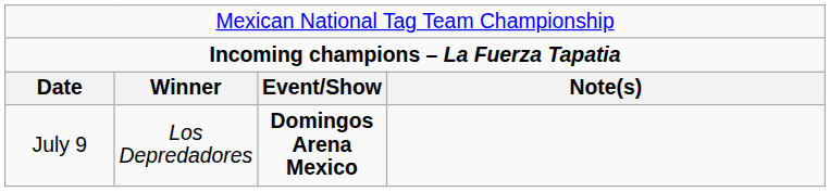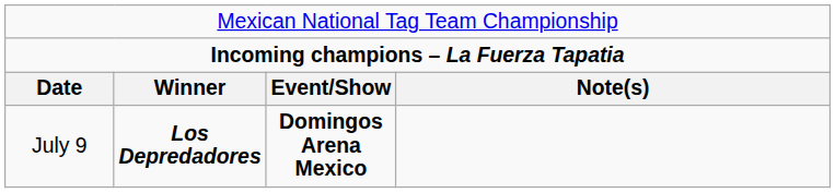 <table class="wikitable" style="text-align:center; width:100%;">
 <tr>
 <td colspan="5" style="text-align: center;"><a href='#'>Mexican National Tag Team Championship</a></td>
 </tr>
 <tr>
 <td colspan="5" style="text-align: center;"><strong>Incoming champions – <em>La Fuerza Tapatia</em> </strong></td>
 </tr>
 <tr>
 <th width=14%>Date</th>
 <th width=14%>Winner</th>
 <th width=14%>Event/Show</th>
 <th width=58%>Note(s)</th>
 </tr>
 <tr>
 <td>July 9</td>
-<td><em>Los Depredadores</em><br></td>
+<td><strong><em>Los Depredadores</em><br></strong></td>
 <td><strong>Domingos Arena Mexico</strong></td>
 <td></td>
 </tr>
 </table>
